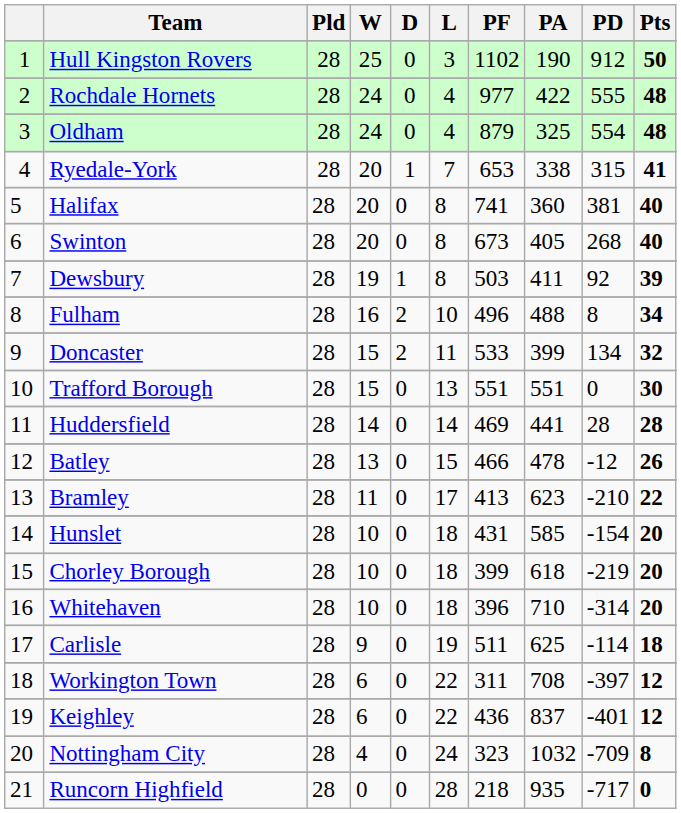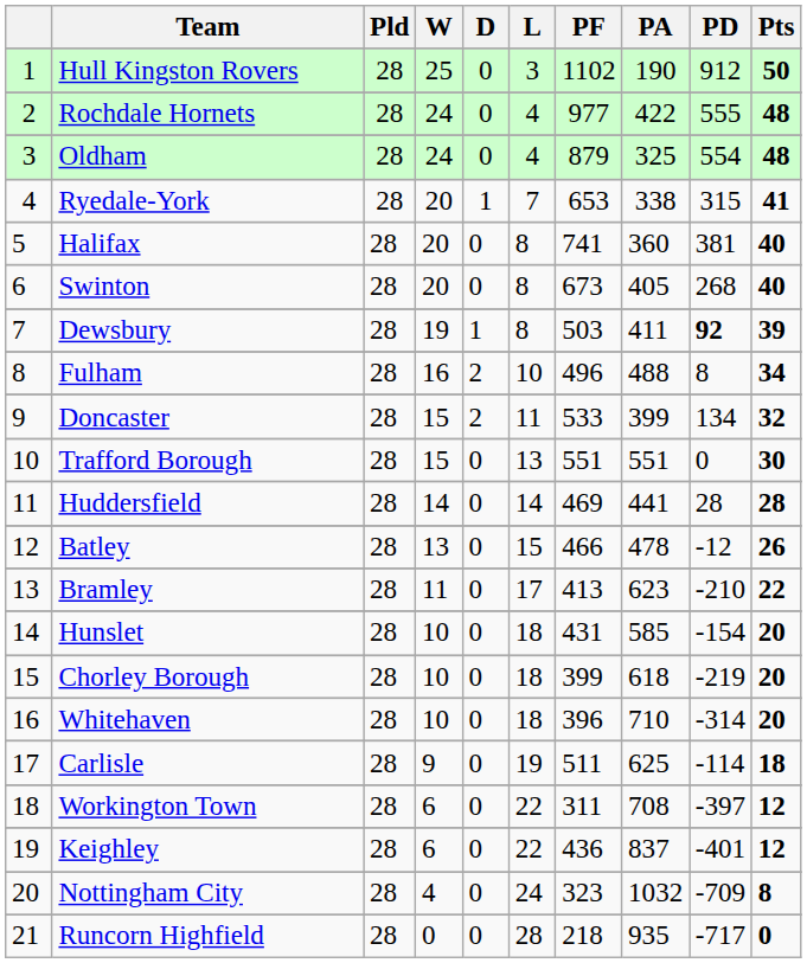 <table class="wikitable" style="text-align:center;">
 <tr>
 <th width=20 abbr="Position"></th>
 <th width=175>Team</th>
 <th width=20 abbr="Played">Pld</th>
 <th width=20 abbr="Won">W</th>
 <th width=20 abbr="Drawn">D</th>
 <th width=20 abbr="Lost">L</th>
 <th width=20 abbr="Points for">PF</th>
 <th width=20 abbr="Points against">PA</th>
 <th width=25 abbr="Points difference">PD</th>
 <th width=20 abbr="Points">Pts</th>
 </tr>
 <tr>
 </tr>
 <tr |- align=center style="background:#cfc;">
 <td>1</td>
 <td align=left style="background#cfc:"><a href='#'>Hull Kingston Rovers</a></td>
 <td>28</td>
 <td>25</td>
 <td>0</td>
 <td>3</td>
 <td>1102</td>
 <td>190</td>
 <td>912</td>
 <td><strong>50</strong></td>
 </tr>
 <tr --->
 </tr>
 <tr align=center style="background:#cfc;">
 <td>2</td>
 <td align=left style="background#cfc:"><a href='#'>Rochdale Hornets</a></td>
 <td>28</td>
 <td>24</td>
 <td>0</td>
 <td>4</td>
 <td>977</td>
 <td>422</td>
 <td>555</td>
 <td><strong>48</strong></td>
 </tr>
 <tr --->
 </tr>
 <tr align=center style="background:#cfc;">
 <td>3</td>
 <td align=left style="background#cfc:"><a href='#'>Oldham</a></td>
 <td>28</td>
 <td>24</td>
 <td>0</td>
 <td>4</td>
 <td>879</td>
 <td>325</td>
 <td>554</td>
 <td><strong>48</strong></td>
 </tr>
 <tr --->
 </tr>
 <tr align=center style="background:">
 <td>4</td>
 <td align=left style="background#cfc:"><a href='#'>Ryedale-York</a></td>
 <td>28</td>
 <td>20</td>
 <td>1</td>
 <td>7</td>
 <td>653</td>
 <td>338</td>
 <td>315</td>
 <td><strong>41</strong></td>
 </tr>
 <tr --->
 </tr>
 <tr align=left style="background:">
 <td>5</td>
 <td style="text-align:left;"><a href='#'>Halifax</a></td>
 <td>28</td>
 <td>20</td>
 <td>0</td>
 <td>8</td>
 <td>741</td>
 <td>360</td>
 <td>381</td>
 <td><strong>40</strong></td>
 </tr>
 <tr --->
 </tr>
 <tr align=left style="background:">
 <td>6</td>
 <td style="text-align:left;"><a href='#'>Swinton</a></td>
 <td>28</td>
 <td>20</td>
 <td>0</td>
 <td>8</td>
 <td>673</td>
 <td>405</td>
 <td>268</td>
 <td><strong>40</strong></td>
 </tr>
 <tr --->
 </tr>
 <tr align=left style="background:">
 <td>7</td>
 <td style="text-align:left;"><a href='#'>Dewsbury</a></td>
 <td>28</td>
 <td>19</td>
 <td>1</td>
 <td>8</td>
 <td>503</td>
 <td>411</td>
-<td>92</td>
+<td><strong>92</strong></td>
 <td><strong>39</strong></td>
 </tr>
 <tr --->
 </tr>
 <tr align=left style="background:">
 <td>8</td>
 <td style="text-align:left;"><a href='#'>Fulham</a></td>
 <td>28</td>
 <td>16</td>
 <td>2</td>
 <td>10</td>
 <td>496</td>
 <td>488</td>
 <td>8</td>
 <td><strong>34</strong></td>
 </tr>
 <tr --->
 </tr>
 <tr align=left style="background:">
 <td>9</td>
 <td style="text-align:left;"><a href='#'>Doncaster</a></td>
 <td>28</td>
 <td>15</td>
 <td>2</td>
 <td>11</td>
 <td>533</td>
 <td>399</td>
 <td>134</td>
 <td><strong>32</strong></td>
 </tr>
 <tr --->
 </tr>
 <tr align=left style="background:">
 <td>10</td>
 <td style="text-align:left;"><a href='#'>Trafford Borough</a></td>
 <td>28</td>
 <td>15</td>
 <td>0</td>
 <td>13</td>
 <td>551</td>
 <td>551</td>
 <td>0</td>
 <td><strong>30</strong></td>
 </tr>
 <tr --->
 </tr>
 <tr align=left style="background:">
 <td>11</td>
 <td style="text-align:left;"><a href='#'>Huddersfield</a></td>
 <td>28</td>
 <td>14</td>
 <td>0</td>
 <td>14</td>
 <td>469</td>
 <td>441</td>
 <td>28</td>
 <td><strong>28</strong></td>
 </tr>
 <tr --->
 </tr>
 <tr align=left style="background:">
 <td>12</td>
 <td style="text-align:left;"><a href='#'>Batley</a></td>
 <td>28</td>
 <td>13</td>
 <td>0</td>
 <td>15</td>
 <td>466</td>
 <td>478</td>
 <td>-12</td>
 <td><strong>26</strong></td>
 </tr>
 <tr --->
 </tr>
 <tr align=left style="background:">
 <td>13</td>
 <td style="text-align:left;"><a href='#'>Bramley</a></td>
 <td>28</td>
 <td>11</td>
 <td>0</td>
 <td>17</td>
 <td>413</td>
 <td>623</td>
 <td>-210</td>
 <td><strong>22</strong></td>
 </tr>
 <tr --->
 </tr>
 <tr align=left style="background:">
 <td>14</td>
 <td style="text-align:left;"><a href='#'>Hunslet</a></td>
 <td>28</td>
 <td>10</td>
 <td>0</td>
 <td>18</td>
 <td>431</td>
 <td>585</td>
 <td>-154</td>
 <td><strong>20</strong></td>
 </tr>
 <tr --->
 </tr>
 <tr align=left style="background:">
 <td>15</td>
 <td style="text-align:left;"><a href='#'>Chorley Borough</a></td>
 <td>28</td>
 <td>10</td>
 <td>0</td>
 <td>18</td>
 <td>399</td>
 <td>618</td>
 <td>-219</td>
 <td><strong>20</strong></td>
 </tr>
 <tr --->
 </tr>
 <tr align=left style="background:">
 <td>16</td>
 <td style="text-align:left;"><a href='#'>Whitehaven</a></td>
 <td>28</td>
 <td>10</td>
 <td>0</td>
 <td>18</td>
 <td>396</td>
 <td>710</td>
 <td>-314</td>
 <td><strong>20</strong></td>
 </tr>
 <tr --->
 </tr>
 <tr align=left style="background:">
 <td>17</td>
 <td style="text-align:left;"><a href='#'>Carlisle</a></td>
 <td>28</td>
 <td>9</td>
 <td>0</td>
 <td>19</td>
 <td>511</td>
 <td>625</td>
 <td>-114</td>
 <td><strong>18</strong></td>
 </tr>
 <tr --->
 </tr>
 <tr align=left style="background:">
 <td>18</td>
 <td style="text-align:left;"><a href='#'>Workington Town</a></td>
 <td>28</td>
 <td>6</td>
 <td>0</td>
 <td>22</td>
 <td>311</td>
 <td>708</td>
 <td>-397</td>
 <td><strong>12</strong></td>
 </tr>
 <tr --->
 </tr>
 <tr align=left style="background:">
 <td>19</td>
 <td style="text-align:left;"><a href='#'>Keighley</a></td>
 <td>28</td>
 <td>6</td>
 <td>0</td>
 <td>22</td>
 <td>436</td>
 <td>837</td>
 <td>-401</td>
 <td><strong>12</strong></td>
 </tr>
 <tr --->
 </tr>
 <tr align=left style="background:">
 <td>20</td>
 <td style="text-align:left;"><a href='#'>Nottingham City</a></td>
 <td>28</td>
 <td>4</td>
 <td>0</td>
 <td>24</td>
 <td>323</td>
 <td>1032</td>
 <td>-709</td>
 <td><strong>8</strong></td>
 </tr>
 <tr --->
 </tr>
 <tr align=left style="background:">
 <td>21</td>
 <td style="text-align:left;"><a href='#'>Runcorn Highfield</a></td>
 <td>28</td>
 <td>0</td>
 <td>0</td>
 <td>28</td>
 <td>218</td>
 <td>935</td>
 <td>-717</td>
 <td><strong>0</strong></td>
 </tr>
 </table>
